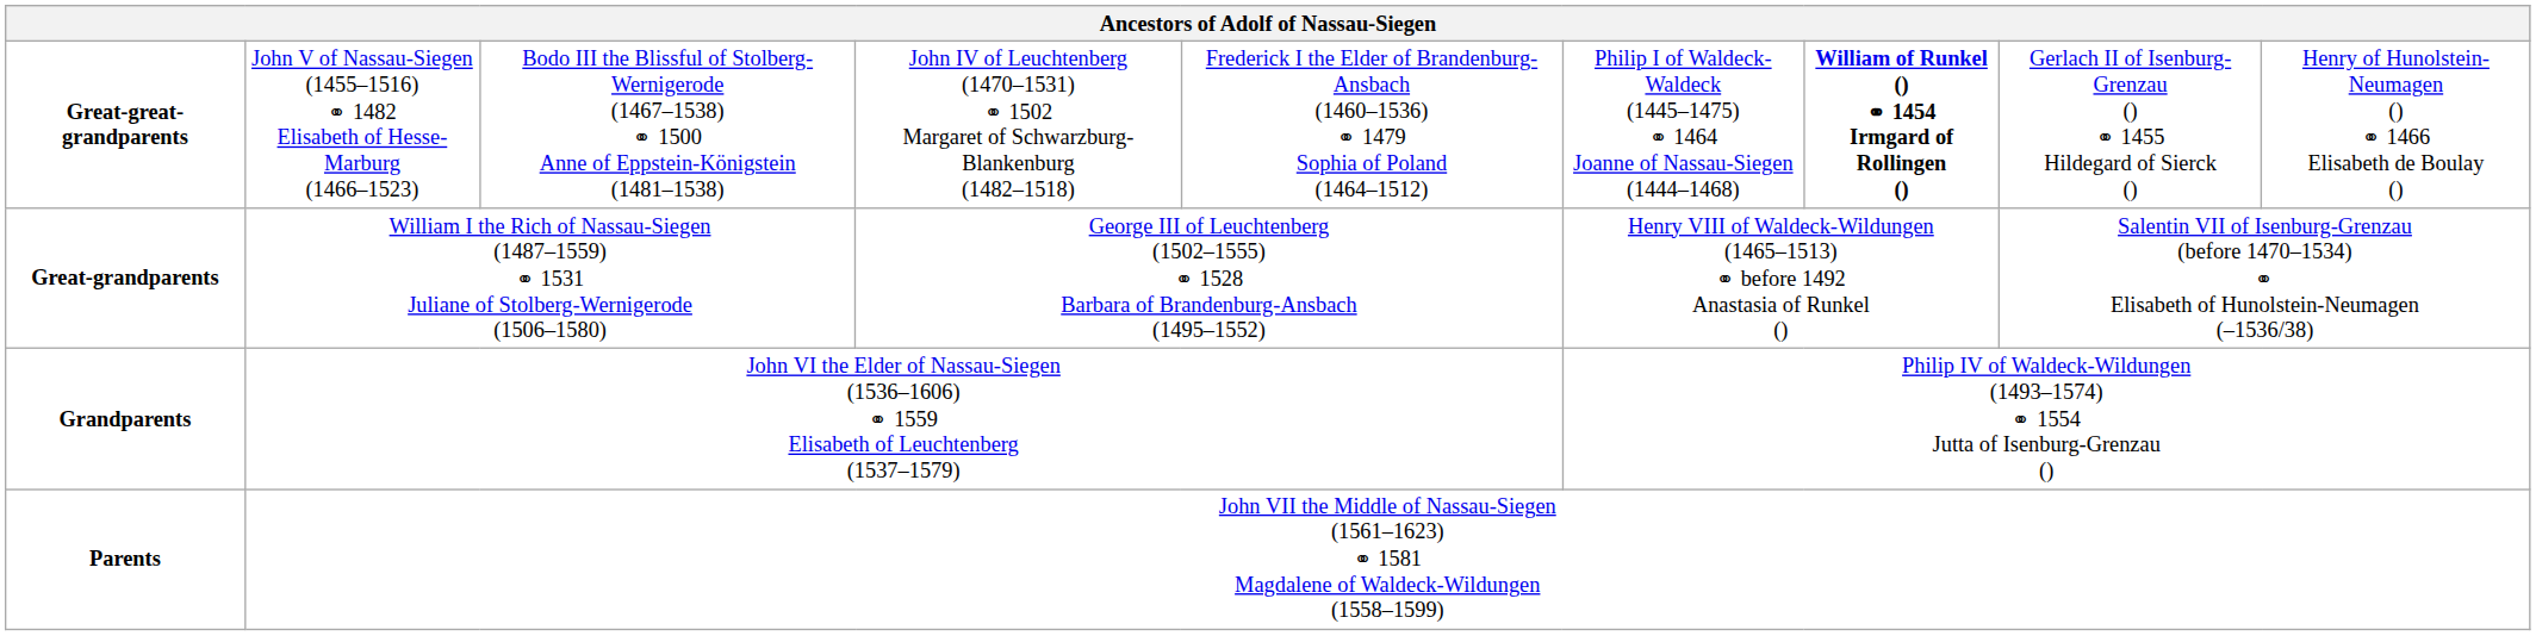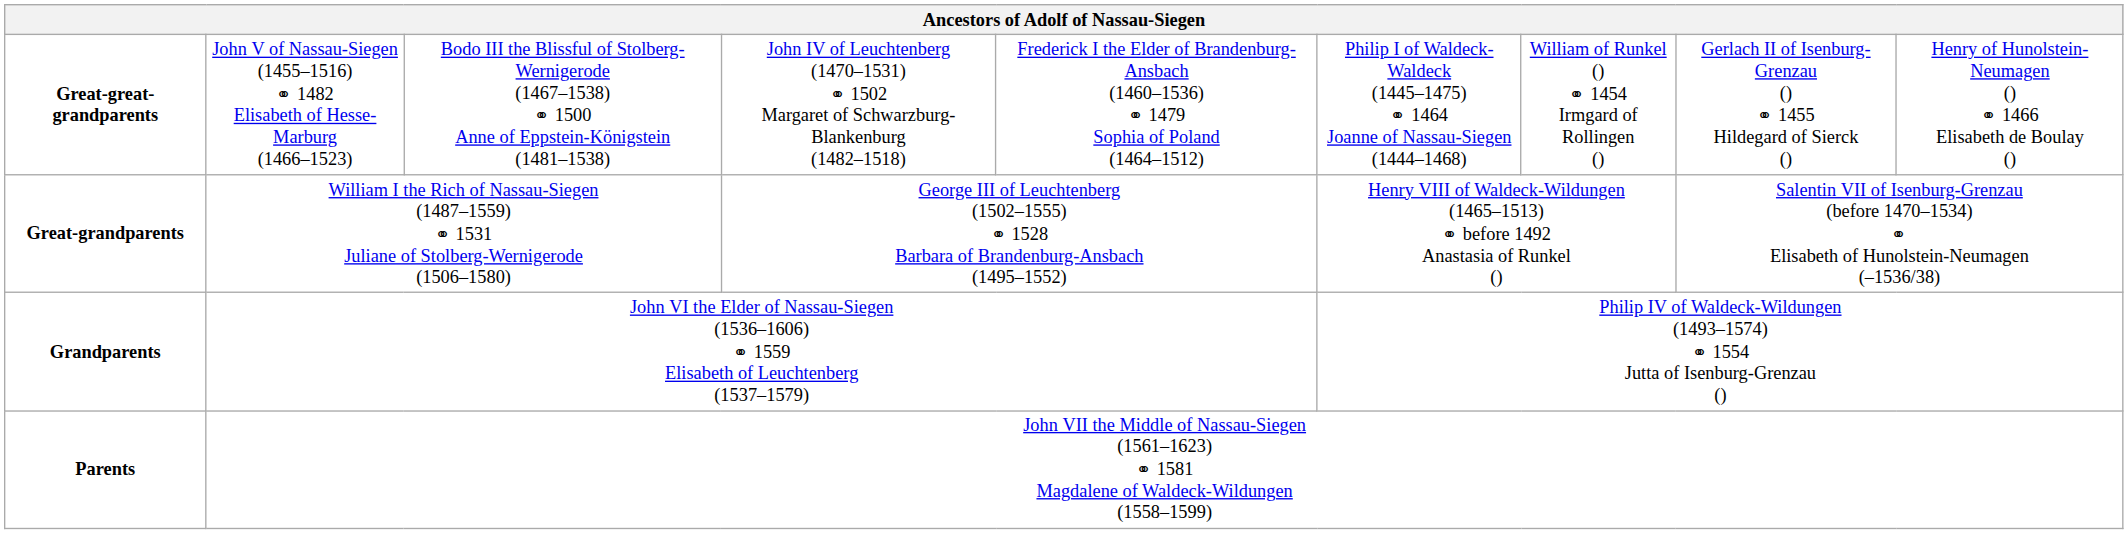 <table class="wikitable" style="background:#FFFFFF; font-size:85%; text-align:center">
 <tr bgcolor="#E0E0E0">
 <th colspan="9">Ancestors of Adolf of Nassau-Siegen</th>
 </tr>
 <tr>
 <td><strong>Great-great-grandparents</strong></td>
 <td colspan="1"><a href='#'>John V of Nassau-Siegen</a><br>(1455–1516)<br>⚭ 1482<br><a href='#'>Elisabeth of Hesse-Marburg</a><br>(1466–1523)</td>
 <td colspan="1"><a href='#'>Bodo III the Blissful of Stolberg-Wernigerode</a><br>(1467–1538)<br>⚭ 1500<br><a href='#'>Anne of Eppstein-Königstein</a><br>(1481–1538)</td>
 <td colspan="1"><a href='#'>John IV of Leuchtenberg</a><br>(1470–1531)<br>⚭ 1502<br>Margaret of Schwarzburg-Blankenburg<br>(1482–1518)</td>
 <td colspan="1"><a href='#'>Frederick I the Elder of Brandenburg-Ansbach</a><br>(1460–1536)<br>⚭ 1479<br><a href='#'>Sophia of Poland</a><br>(1464–1512)</td>
 <td colspan="1"><a href='#'>Philip I of Waldeck-Waldeck</a><br>(1445–1475)<br>⚭ 1464<br><a href='#'>Joanne of Nassau-Siegen</a><br>(1444–1468)</td>
-<td colspan="1"><strong><a href='#'>William of Runkel</a><br>()<br>⚭ 1454<br>Irmgard of Rollingen<br>()</strong></td>
+<td colspan="1"><a href='#'>William of Runkel</a><br>()<br>⚭ 1454<br>Irmgard of Rollingen<br>()</td>
 <td colspan="1"><a href='#'>Gerlach II of Isenburg-Grenzau</a><br>()<br>⚭ 1455<br>Hildegard of Sierck<br>()</td>
 <td colspan="1"><a href='#'>Henry of Hunolstein-Neumagen</a><br>()<br>⚭ 1466<br>Elisabeth de Boulay<br>()</td>
 </tr>
 <tr>
 <td><strong>Great-grandparents</strong></td>
 <td colspan="2"><a href='#'>William I the Rich of Nassau-Siegen</a><br>(1487–1559)<br>⚭ 1531<br><a href='#'>Juliane of Stolberg-Wernigerode</a><br>(1506–1580)</td>
 <td colspan="2"><a href='#'>George III of Leuchtenberg</a><br>(1502–1555)<br>⚭ 1528<br><a href='#'>Barbara of Brandenburg-Ansbach</a><br>(1495–1552)</td>
 <td colspan="2"><a href='#'>Henry VIII of Waldeck-Wildungen</a><br>(1465–1513)<br>⚭ before 1492<br>Anastasia of Runkel<br>()</td>
 <td colspan="2"><a href='#'>Salentin VII of Isenburg-Grenzau</a><br>(before 1470–1534)<br>⚭<br>Elisabeth of Hunolstein-Neumagen<br>(–1536/38)</td>
 </tr>
 <tr>
 <td><strong>Grandparents</strong></td>
 <td colspan="4"><a href='#'>John VI the Elder of Nassau-Siegen</a><br>(1536–1606)<br>⚭ 1559<br><a href='#'>Elisabeth of Leuchtenberg</a><br>(1537–1579)</td>
 <td colspan="4"><a href='#'>Philip IV of Waldeck-Wildungen</a><br>(1493–1574)<br>⚭ 1554<br>Jutta of Isenburg-Grenzau<br>()</td>
 </tr>
 <tr>
 <td><strong>Parents</strong></td>
 <td colspan="8"><a href='#'>John VII the Middle of Nassau-Siegen</a><br>(1561–1623)<br>⚭ 1581<br><a href='#'>Magdalene of Waldeck-Wildungen</a><br>(1558–1599)</td>
 </tr>
 </table>
